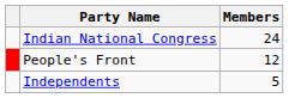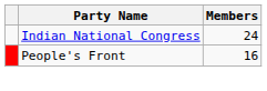 <table class="wikitable Sortable" border="2">
 <tr valign="top">
 <th></th>
 <th>Party Name</th>
 <th>Members</th>
 </tr>
 <tr>
 <td style="background-color:"> </td>
 <td style="text-align:left;"><a href='#'>Indian National Congress</a></td>
 <td align="right">24</td>
 </tr>
 <tr>
 <td style="background-color:#FF0000"> </td>
 <td style="text-align:left;">People's Front</td>
-<td align="right">12</td>
-</tr>
-<tr>
-<td style="background-color:"> </td>
-<td style="text-align:left;"><a href='#'>Independents</a></td>
-<td align="right">5</td>
+<td align="right">16</td>
 </tr>
 </table>
